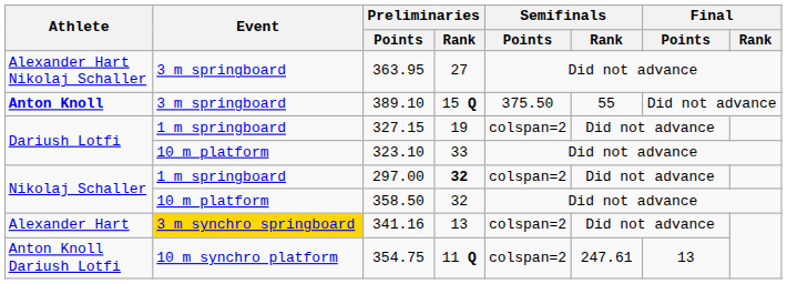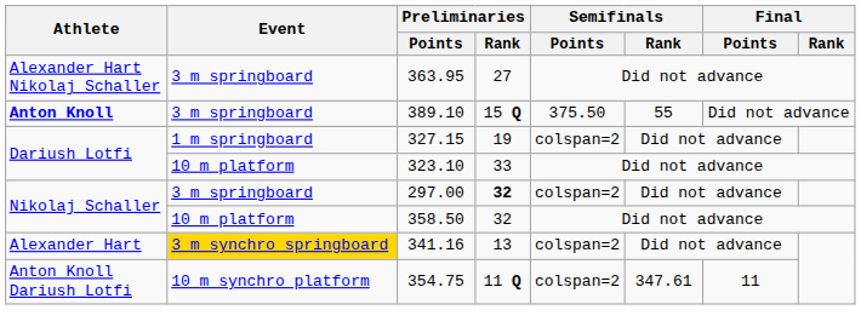 <table class="wikitable" style="text-align:center; font-size:90%; width:50%;">
 <tr>
 <th rowspan=2>Athlete</th>
 <th rowspan=2>Event</th>
 <th colspan=2>Preliminaries</th>
 <th colspan=2>Semifinals</th>
 <th colspan=2>Final</th>
 </tr>
 <tr style="font-size:95%">
 <th>Points</th>
 <th>Rank</th>
 <th>Points</th>
 <th>Rank</th>
 <th>Points</th>
 <th>Rank</th>
 </tr>
 <tr>
 <td align=left><a href='#'>Alexander Hart</a><br> <a href='#'>Nikolaj Schaller</a></td>
 <td align=left><a href='#'>3 m springboard</a></td>
 <td>363.95</td>
 <td>27</td>
 <td colspan=4>Did not advance</td>
 </tr>
 <tr>
 <td align=left><strong><a href='#'>Anton Knoll</a></strong></td>
 <td align=left><a href='#'>3 m springboard</a></td>
 <td>389.10</td>
 <td>15 <strong>Q</strong></td>
 <td>375.50</td>
 <td>55</td>
 <td colspan=2>Did not advance</td>
 </tr>
 <tr>
 <td align=left rowspan=2><a href='#'>Dariush Lotfi</a></td>
 <td align=left><a href='#'>1 m springboard</a></td>
 <td>327.15</td>
 <td>19</td>
 <td>colspan=2 </td>
 <td colspan=2>Did not advance</td>
 </tr>
 <tr>
 <td align=left><a href='#'>10 m platform</a></td>
 <td>323.10</td>
 <td>33</td>
 <td colspan=4>Did not advance</td>
 </tr>
 <tr>
 <td align=left rowspan=2><a href='#'>Nikolaj Schaller</a></td>
-<td align=left><a href='#'>1 m springboard</a></td>
+<td align=left><a href='#'>3 m springboard</a></td>
 <td>297.00</td>
 <td><strong>32</strong></td>
 <td>colspan=2 </td>
 <td colspan=2>Did not advance</td>
 </tr>
 <tr>
 <td align=left><a href='#'>10 m platform</a></td>
 <td>358.50</td>
 <td>32</td>
 <td colspan=4>Did not advance</td>
 </tr>
 <tr>
 <td align=left><a href='#'>Alexander Hart</a></td>
 <td align=left style="background: gold;"><a href='#'>3 m synchro springboard</a></td>
 <td>341.16</td>
 <td>13</td>
 <td>colspan=2 </td>
 <td colspan=2>Did not advance</td>
 </tr>
 <tr>
 <td align=left><a href='#'>Anton Knoll</a><br> <a href='#'>Dariush Lotfi</a></td>
 <td align=left><a href='#'>10 m synchro platform</a></td>
 <td>354.75</td>
 <td>11 <strong>Q</strong></td>
 <td>colspan=2 </td>
-<td>247.61</td>
-<td>13</td>
+<td>347.61</td>
+<td>11</td>
 </tr>
 </table>
